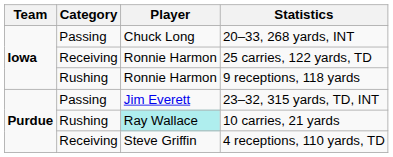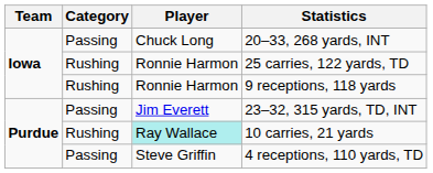 <table class="wikitable" style="float: left;">
 <tr>
 <th>Team</th>
 <th>Category</th>
 <th>Player</th>
 <th>Statistics</th>
 </tr>
 <tr>
 <td rowspan=3><strong>Iowa</strong></td>
 <td>Passing</td>
 <td>Chuck Long</td>
 <td>20–33, 268 yards, INT</td>
 </tr>
 <tr>
-<td>Receiving</td>
+<td>Rushing</td>
 <td>Ronnie Harmon</td>
 <td>25 carries, 122 yards, TD</td>
 </tr>
 <tr>
 <td>Rushing</td>
 <td>Ronnie Harmon</td>
 <td>9 receptions, 118 yards</td>
 </tr>
 <tr>
 <td rowspan=3><strong>Purdue</strong></td>
 <td>Passing</td>
 <td><a href='#'>Jim Everett</a></td>
 <td>23–32, 315 yards, TD, INT</td>
 </tr>
 <tr>
 <td>Rushing</td>
 <td style="background: paleturquoise;">Ray Wallace</td>
 <td>10 carries, 21 yards</td>
 </tr>
 <tr>
-<td>Receiving</td>
+<td>Passing</td>
 <td>Steve Griffin</td>
 <td>4 receptions, 110 yards, TD</td>
 </tr>
 </table>
